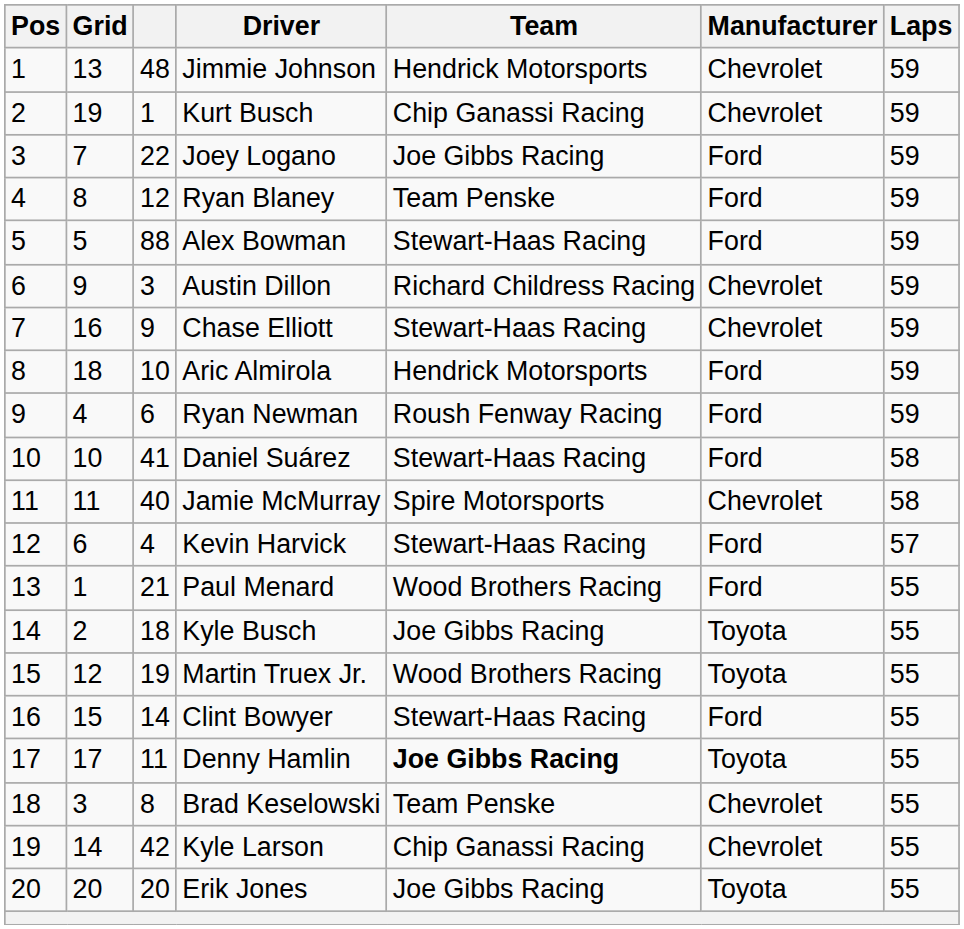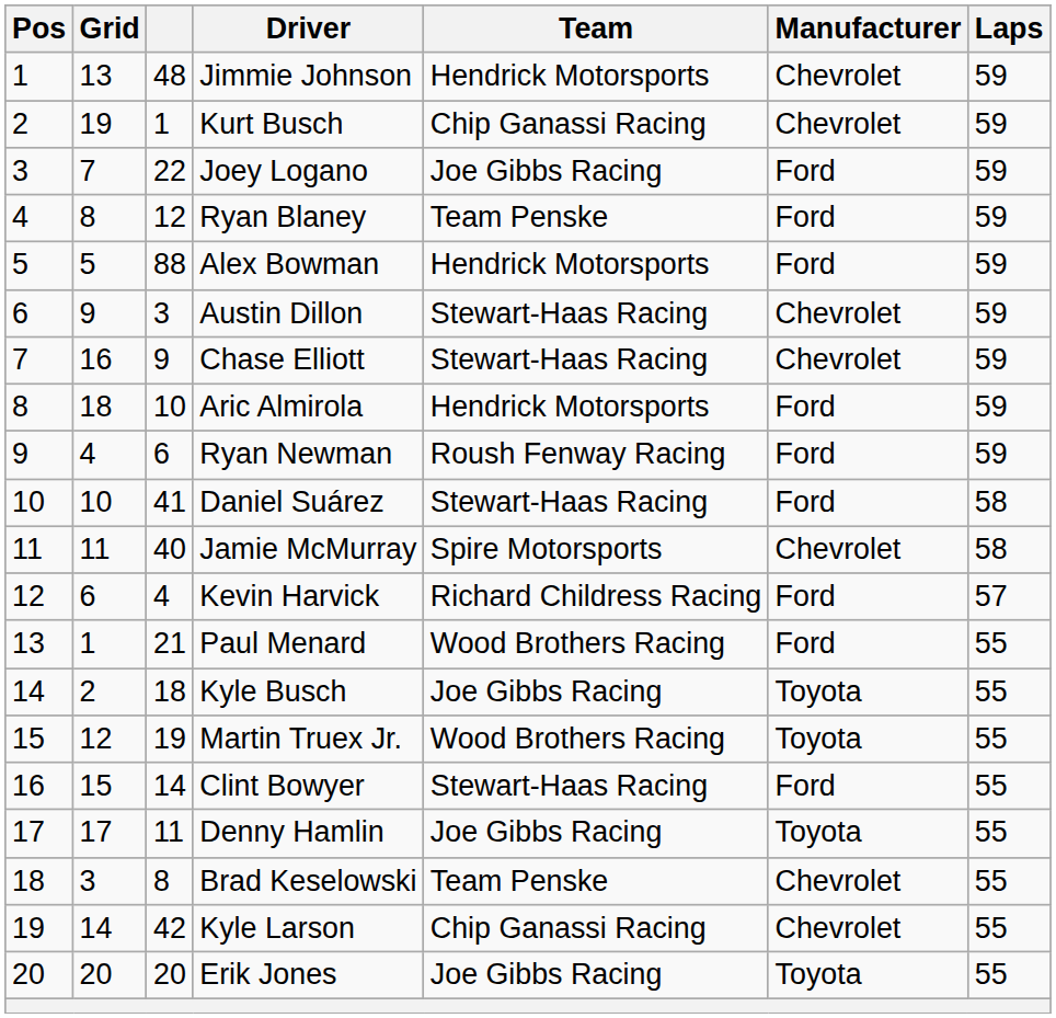 <table class="wikitable" style="font-size:98%">
 <tr>
 <th>Pos</th>
 <th>Grid</th>
 <th></th>
 <th>Driver</th>
 <th>Team</th>
 <th>Manufacturer</th>
 <th>Laps</th>
 </tr>
 <tr>
 <td>1</td>
 <td>13</td>
 <td>48</td>
 <td>Jimmie Johnson</td>
 <td>Hendrick Motorsports</td>
 <td>Chevrolet</td>
 <td>59</td>
 </tr>
 <tr>
 <td>2</td>
 <td>19</td>
 <td>1</td>
 <td>Kurt Busch</td>
 <td>Chip Ganassi Racing</td>
 <td>Chevrolet</td>
 <td>59</td>
 </tr>
 <tr>
 <td>3</td>
 <td>7</td>
 <td>22</td>
 <td>Joey Logano</td>
 <td>Joe Gibbs Racing</td>
 <td>Ford</td>
 <td>59</td>
 </tr>
 <tr>
 <td>4</td>
 <td>8</td>
 <td>12</td>
 <td>Ryan Blaney</td>
 <td>Team Penske</td>
 <td>Ford</td>
 <td>59</td>
 </tr>
 <tr>
 <td>5</td>
 <td>5</td>
 <td>88</td>
 <td>Alex Bowman</td>
-<td>Stewart-Haas Racing</td>
+<td>Hendrick Motorsports</td>
 <td>Ford</td>
 <td>59</td>
 </tr>
 <tr>
 <td>6</td>
 <td>9</td>
 <td>3</td>
 <td>Austin Dillon</td>
-<td>Richard Childress Racing</td>
+<td>Stewart-Haas Racing</td>
 <td>Chevrolet</td>
 <td>59</td>
 </tr>
 <tr>
 <td>7</td>
 <td>16</td>
 <td>9</td>
 <td>Chase Elliott</td>
 <td>Stewart-Haas Racing</td>
 <td>Chevrolet</td>
 <td>59</td>
 </tr>
 <tr>
 <td>8</td>
 <td>18</td>
 <td>10</td>
 <td>Aric Almirola</td>
 <td>Hendrick Motorsports</td>
 <td>Ford</td>
 <td>59</td>
 </tr>
 <tr>
 <td>9</td>
 <td>4</td>
 <td>6</td>
 <td>Ryan Newman</td>
 <td>Roush Fenway Racing</td>
 <td>Ford</td>
 <td>59</td>
 </tr>
 <tr>
 <td>10</td>
 <td>10</td>
 <td>41</td>
 <td>Daniel Suárez</td>
 <td>Stewart-Haas Racing</td>
 <td>Ford</td>
 <td>58</td>
 </tr>
 <tr>
 <td>11</td>
 <td>11</td>
 <td>40</td>
 <td>Jamie McMurray</td>
 <td>Spire Motorsports</td>
 <td>Chevrolet</td>
 <td>58</td>
 </tr>
 <tr>
 <td>12</td>
 <td>6</td>
 <td>4</td>
 <td>Kevin Harvick</td>
-<td>Stewart-Haas Racing</td>
+<td>Richard Childress Racing</td>
 <td>Ford</td>
 <td>57</td>
 </tr>
 <tr>
 <td>13</td>
 <td>1</td>
 <td>21</td>
 <td>Paul Menard</td>
 <td>Wood Brothers Racing</td>
 <td>Ford</td>
 <td>55</td>
 </tr>
 <tr>
 <td>14</td>
 <td>2</td>
 <td>18</td>
 <td>Kyle Busch</td>
 <td>Joe Gibbs Racing</td>
 <td>Toyota</td>
 <td>55</td>
 </tr>
 <tr>
 <td>15</td>
 <td>12</td>
 <td>19</td>
 <td>Martin Truex Jr.</td>
 <td>Wood Brothers Racing</td>
 <td>Toyota</td>
 <td>55</td>
 </tr>
 <tr>
 <td>16</td>
 <td>15</td>
 <td>14</td>
 <td>Clint Bowyer</td>
 <td>Stewart-Haas Racing</td>
 <td>Ford</td>
 <td>55</td>
 </tr>
 <tr>
 <td>17</td>
 <td>17</td>
 <td>11</td>
 <td>Denny Hamlin</td>
-<td><strong>Joe Gibbs Racing</strong></td>
+<td>Joe Gibbs Racing</td>
 <td>Toyota</td>
 <td>55</td>
 </tr>
 <tr>
 <td>18</td>
 <td>3</td>
 <td>8</td>
 <td>Brad Keselowski</td>
 <td>Team Penske</td>
 <td>Chevrolet</td>
 <td>55</td>
 </tr>
 <tr>
 <td>19</td>
 <td>14</td>
 <td>42</td>
 <td>Kyle Larson</td>
 <td>Chip Ganassi Racing</td>
 <td>Chevrolet</td>
 <td>55</td>
 </tr>
 <tr>
 <td>20</td>
 <td>20</td>
 <td>20</td>
 <td>Erik Jones</td>
 <td>Joe Gibbs Racing</td>
 <td>Toyota</td>
 <td>55</td>
 </tr>
 <tr>
 <th colspan="7"></th>
 </tr>
 </table>
